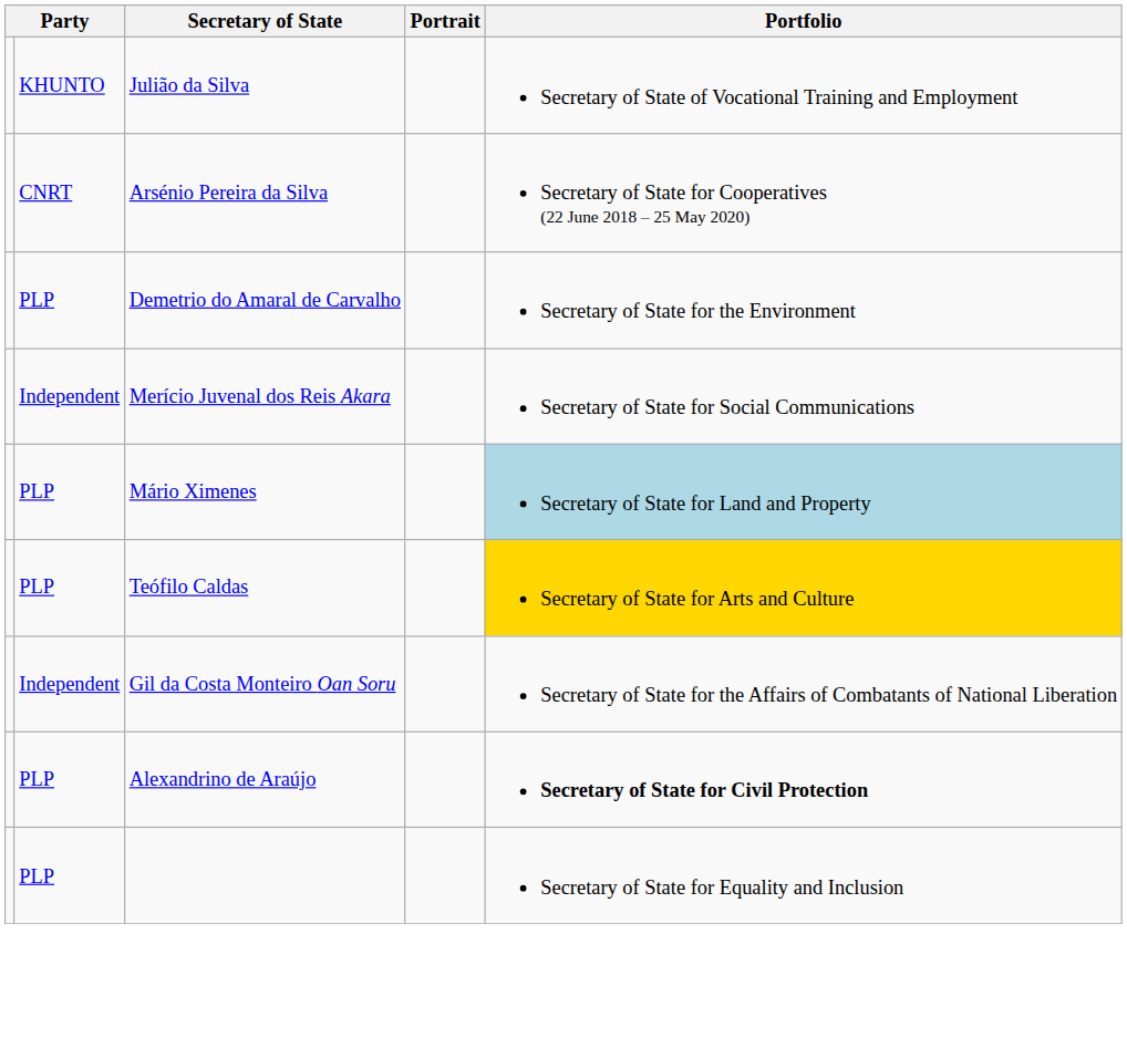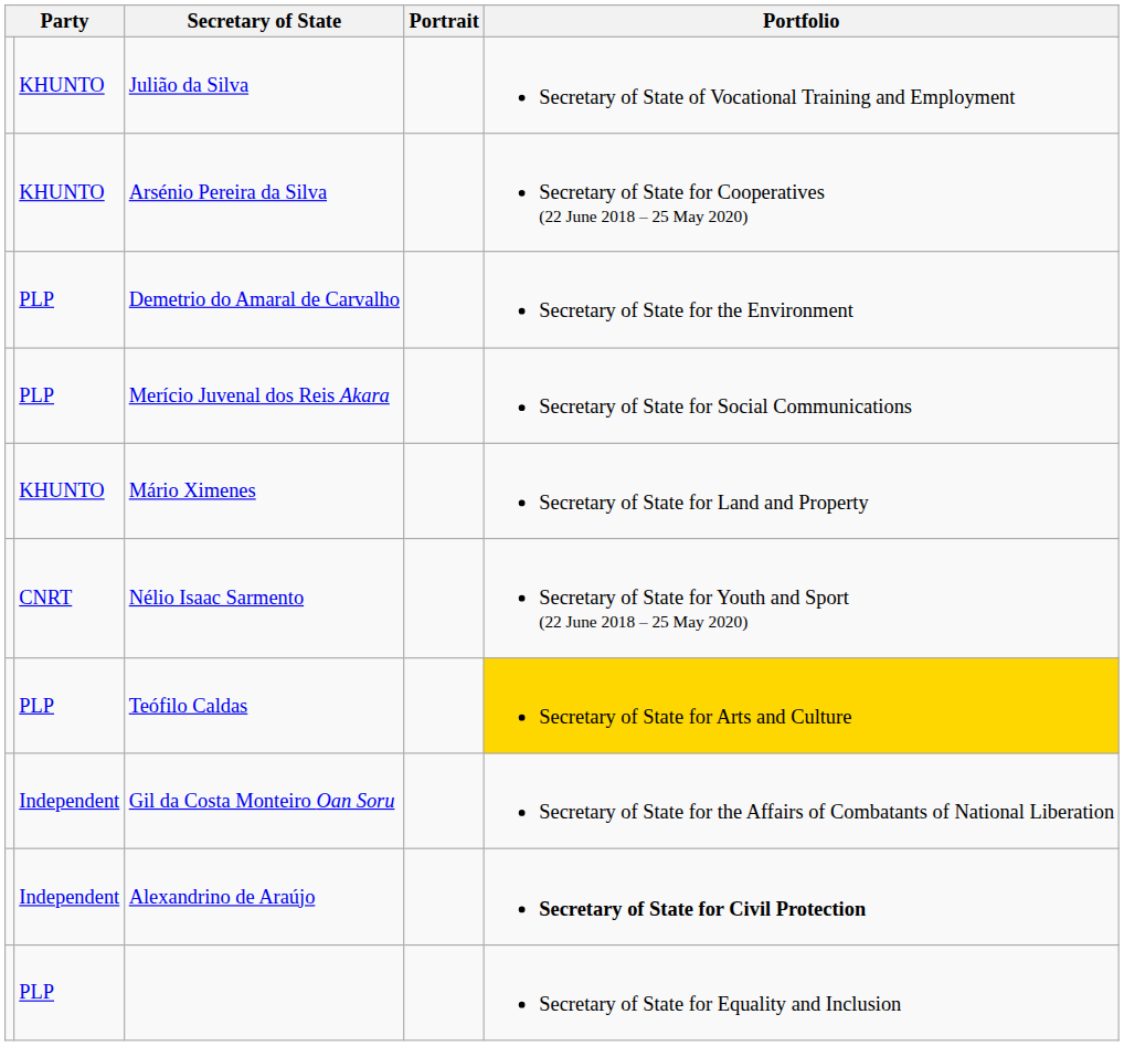 <table class="wikitable sortable">
 <tr>
 <th colspan="2">Party</th>
 <th>Secretary of State</th>
 <th>Portrait</th>
 <th>Portfolio</th>
 </tr>
 <tr>
 <td style="background:"></td>
 <td><a href='#'>KHUNTO</a></td>
 <td><a href='#'>Julião da Silva</a></td>
 <td></td>
 <td><br><ul><li>Secretary of State of Vocational Training and Employment</li></ul></td>
 </tr>
 <tr>
 <td style="background:"></td>
-<td><a href='#'>CNRT</a></td>
+<td><a href='#'>KHUNTO</a></td>
 <td><a href='#'>Arsénio Pereira da Silva</a></td>
 <td></td>
 <td><br><ul><li>Secretary of State for Cooperatives<br><small>(22 June 2018 – 25 May 2020)</small></li></ul></td>
 </tr>
 <tr>
 <td style="background:"></td>
 <td><a href='#'>PLP</a></td>
 <td><a href='#'>Demetrio do Amaral de Carvalho</a></td>
 <td></td>
 <td><br><ul><li>Secretary of State for the Environment</li></ul></td>
 </tr>
 <tr>
 <td style="background:"></td>
-<td><a href='#'>Independent</a></td>
+<td><a href='#'>PLP</a></td>
 <td><a href='#'>Merício Juvenal dos Reis <em>Akara</em></a></td>
 <td></td>
 <td><br><ul><li>Secretary of State for Social Communications</li></ul></td>
 </tr>
 <tr>
 <td style="background:"></td>
-<td><a href='#'>PLP</a></td>
+<td><a href='#'>KHUNTO</a></td>
 <td><a href='#'>Mário Ximenes</a></td>
 <td></td>
-<td style="background: lightblue;"><br><ul><li>Secretary of State for Land and Property</li></ul></td>
+<td><br><ul><li>Secretary of State for Land and Property</li></ul></td>
+</tr>
+<tr>
+<td style="background:"></td>
+<td><a href='#'>CNRT</a></td>
+<td><a href='#'>Nélio Isaac Sarmento</a></td>
+<td></td>
+<td><br><ul><li>Secretary of State for Youth and Sport<br><small>(22 June 2018 – 25 May 2020)</small></li></ul></td>
 </tr>
 <tr>
 <td style="background:"></td>
 <td><a href='#'>PLP</a></td>
 <td><a href='#'>Teófilo Caldas</a></td>
 <td></td>
 <td style="background: gold;"><br><ul><li>Secretary of State for Arts and Culture</li></ul></td>
 </tr>
 <tr>
 <td style="background:"></td>
 <td><a href='#'>Independent</a></td>
 <td><a href='#'>Gil da Costa Monteiro <em>Oan Soru</em></a></td>
 <td></td>
 <td><br><ul><li>Secretary of State for the Affairs of Combatants of National Liberation</li></ul></td>
 </tr>
 <tr>
 <td style="background:"></td>
-<td><a href='#'>PLP</a></td>
+<td><a href='#'>Independent</a></td>
 <td><a href='#'>Alexandrino de Araújo</a></td>
 <td></td>
 <td><strong><br><ul><li>Secretary of State for Civil Protection</li></ul></strong></td>
 </tr>
 <tr>
 <td style="background:"></td>
 <td><a href='#'>PLP</a></td>
 <td></td>
 <td></td>
 <td><br><ul><li>Secretary of State for Equality and Inclusion</li></ul></td>
 </tr>
 </table>
